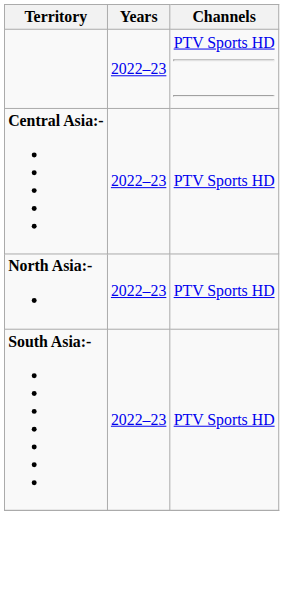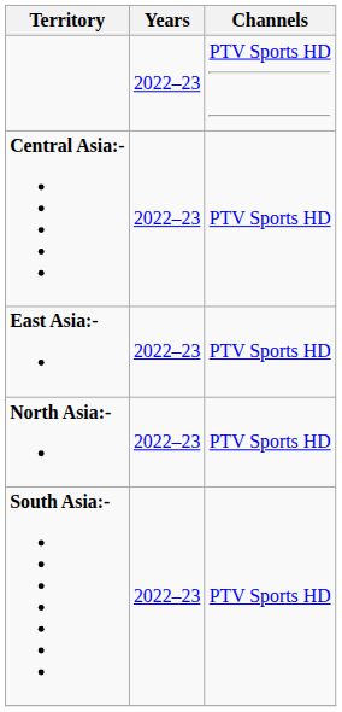 <table class="wikitable sortable">
 <tr>
 <th>Territory</th>
 <th>Years</th>
 <th>Channels</th>
 </tr>
 <tr>
 <td></td>
 <td><a href='#'>2022–23</a></td>
 <td><a href='#'>PTV Sports HD</a><hr><br> <hr> </td>
 </tr>
 <tr>
 <td><strong>Central Asia:-</strong><br><ul><li></li><li></li><li></li><li></li><li></li></ul></td>
 <td><a href='#'>2022–23</a></td>
 <td><a href='#'>PTV Sports HD</a></td>
 </tr>
 <tr>
+<td><strong>East Asia:-</strong><br><ul><li></li></ul></td>
+<td><a href='#'>2022–23</a></td>
+<td><a href='#'>PTV Sports HD</a></td>
+</tr>
+<tr>
 <td><strong>North Asia:-</strong><br><ul><li></li></ul></td>
 <td><a href='#'>2022–23</a></td>
 <td><a href='#'>PTV Sports HD</a></td>
 </tr>
 <tr>
 <td><strong>South Asia:-</strong><br><ul><li></li><li></li><li></li><li></li><li></li><li></li><li></li></ul></td>
 <td><a href='#'>2022–23</a></td>
 <td><a href='#'>PTV Sports HD</a></td>
 </tr>
 <tr>
 </tr>
 </table>
